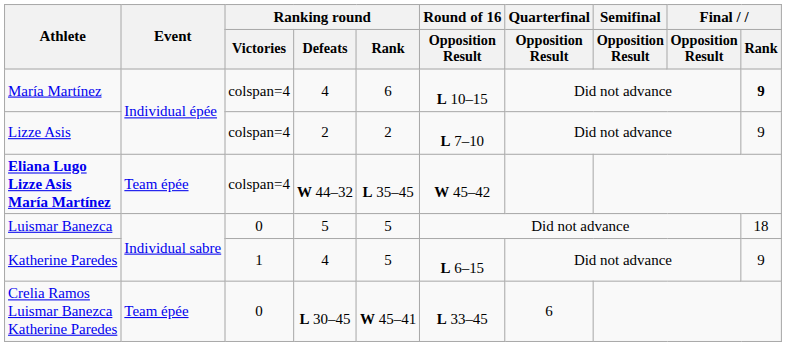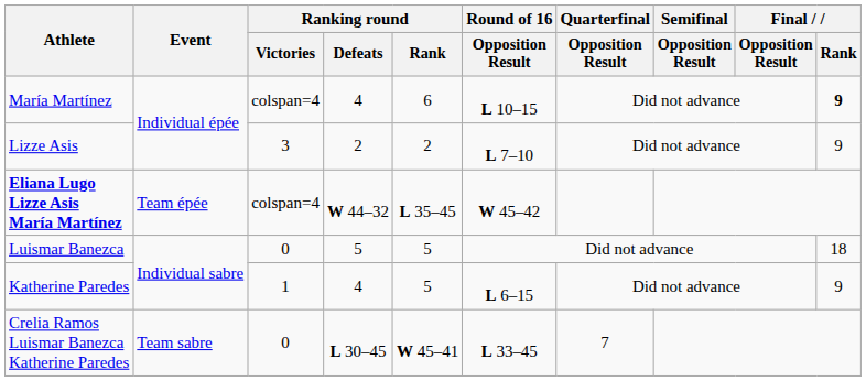 <table class=wikitable style=font-size:90%;text-align:center>
 <tr>
 <th rowspan=2>Athlete</th>
 <th rowspan=2>Event</th>
 <th colspan=3>Ranking round</th>
 <th>Round of 16</th>
 <th>Quarterfinal</th>
 <th>Semifinal</th>
 <th colspan=2>Final /  / </th>
 </tr>
 <tr style=font-size:95%>
 <th>Victories</th>
 <th>Defeats</th>
 <th>Rank</th>
 <th>Opposition<br>Result</th>
 <th>Opposition<br>Result</th>
 <th>Opposition<br>Result</th>
 <th>Opposition<br>Result</th>
 <th>Rank</th>
 </tr>
 <tr>
 <td align=left><a href='#'>María Martínez</a></td>
 <td align=left rowspan=2><a href='#'>Individual épée</a></td>
 <td>colspan=4 </td>
 <td>4</td>
 <td>6</td>
 <td><br><strong>L</strong> 10–15</td>
 <td colspan=3>Did not advance</td>
 <td><strong>9</strong></td>
 </tr>
 <tr>
 <td align=left><a href='#'>Lizze Asis</a></td>
-<td>colspan=4 </td>
+<td>3</td>
 <td>2</td>
 <td>2</td>
 <td><br><strong>L</strong> 7–10</td>
 <td colspan=3>Did not advance</td>
 <td>9</td>
 </tr>
 <tr>
 <td align=left><strong><a href='#'>Eliana Lugo</a><br><a href='#'>Lizze Asis</a><br><a href='#'>María Martínez</a></strong></td>
 <td align=left><a href='#'>Team épée</a></td>
 <td>colspan=4 </td>
 <td><br><strong>W</strong> 44–32</td>
 <td><br><strong>L</strong> 35–45</td>
 <td><br><strong>W</strong> 45–42</td>
 <td></td>
 </tr>
 <tr>
 <td align=left><a href='#'>Luismar Banezca</a></td>
 <td align=left rowspan=2><a href='#'>Individual sabre</a></td>
 <td>0</td>
 <td>5</td>
 <td>5</td>
 <td colspan=4>Did not advance</td>
 <td>18</td>
 </tr>
 <tr>
 <td align=left><a href='#'>Katherine Paredes</a></td>
 <td>1</td>
 <td>4</td>
 <td>5</td>
 <td><br><strong>L</strong> 6–15</td>
 <td colspan=3>Did not advance</td>
 <td>9</td>
 </tr>
 <tr>
 <td align=left><a href='#'>Crelia Ramos</a><br><a href='#'>Luismar Banezca</a><br><a href='#'>Katherine Paredes</a></td>
-<td align=left><a href='#'>Team épée</a></td>
+<td align=left><a href='#'>Team sabre</a></td>
 <td>0</td>
 <td><br><strong>L</strong> 30–45</td>
 <td><br><strong>W</strong> 45–41</td>
 <td><br><strong>L</strong> 33–45</td>
-<td>6</td>
+<td>7</td>
 </tr>
 </table>
